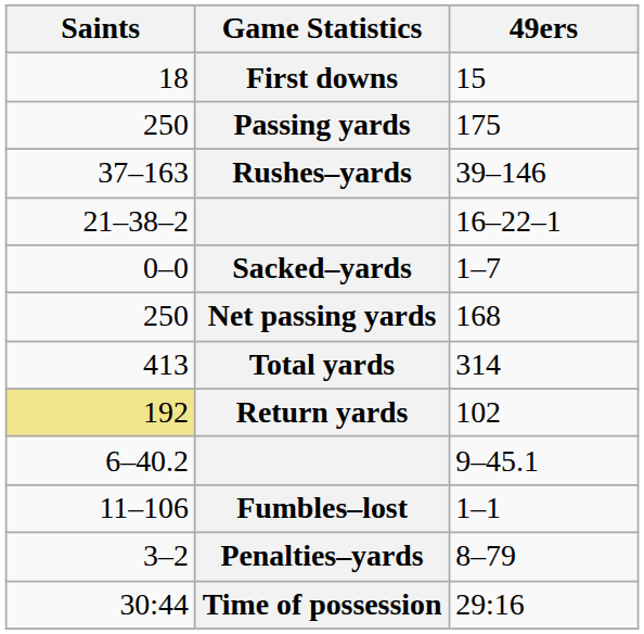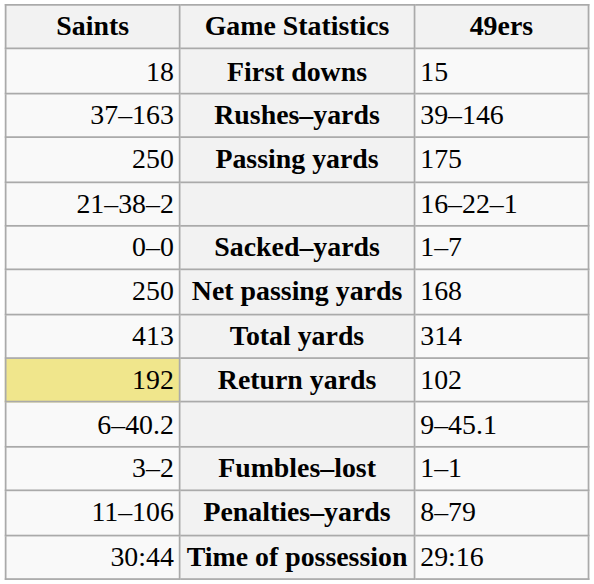 <table class="wikitable" style="margin: 1em auto 1em auto">
 <tr>
 <th style="width:30%;">Saints</th>
 <th style="width:40%;">Game Statistics</th>
 <th style="width:30%;">49ers</th>
 </tr>
 <tr>
 <td style="text-align:right;">18</td>
 <th>First downs</th>
 <td>15</td>
 </tr>
 <tr>
+<td style="text-align:right;">37–163</td>
+<th>Rushes–yards</th>
+<td>39–146</td>
+</tr>
+<tr>
 <td style="text-align:right;">250</td>
 <th>Passing yards</th>
 <td>175</td>
-</tr>
-<tr>
-<td style="text-align:right;">37–163</td>
-<th>Rushes–yards</th>
-<td>39–146</td>
 </tr>
 <tr>
 <td style="text-align:right;">21–38–2</td>
 <th></th>
 <td>16–22–1</td>
 </tr>
 <tr>
 <td style="text-align:right;">0–0</td>
 <th>Sacked–yards</th>
 <td>1–7</td>
 </tr>
 <tr>
 <td style="text-align:right;">250</td>
 <th>Net passing yards</th>
 <td>168</td>
 </tr>
 <tr>
 <td style="text-align:right;">413</td>
 <th>Total yards</th>
 <td>314</td>
 </tr>
 <tr>
 <td style="background: khaki; text-align:right;">192</td>
 <th>Return yards</th>
 <td>102</td>
 </tr>
 <tr>
 <td style="text-align:right;">6–40.2</td>
 <th></th>
 <td>9–45.1</td>
 </tr>
 <tr>
-<td style="text-align:right;">11–106</td>
+<td style="text-align:right;">3–2</td>
 <th>Fumbles–lost</th>
 <td>1–1</td>
 </tr>
 <tr>
-<td style="text-align:right;">3–2</td>
+<td style="text-align:right;">11–106</td>
 <th>Penalties–yards</th>
 <td>8–79</td>
 </tr>
 <tr>
 <td style="text-align:right;">30:44</td>
 <th>Time of possession</th>
 <td>29:16</td>
 </tr>
 </table>
